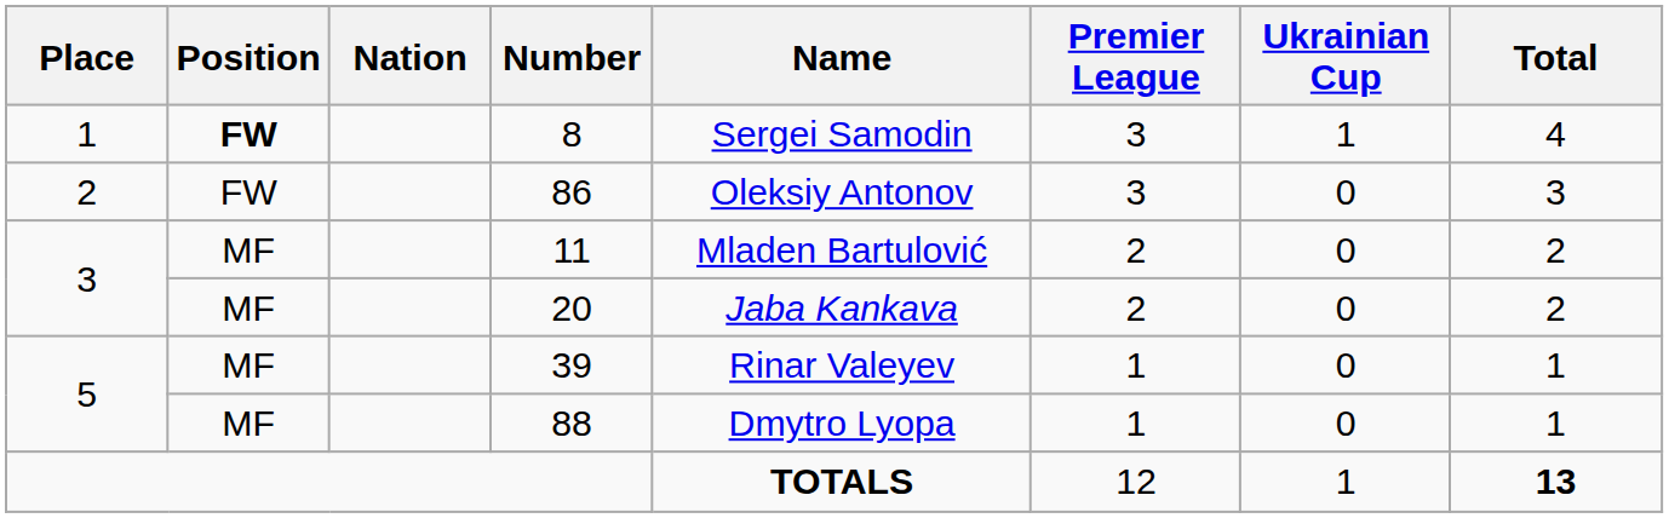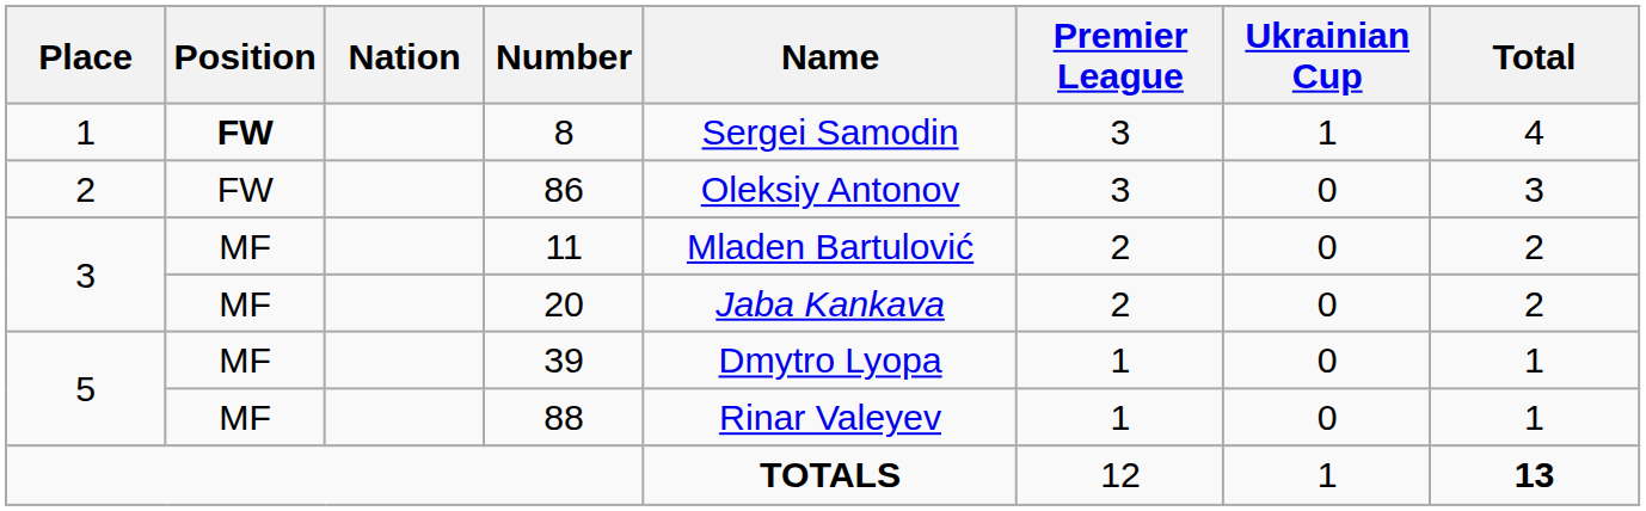 <table class="wikitable" style="font-size: 95%; text-align: center;">
 <tr>
 <th width=60>Place</th>
 <th width=60>Position</th>
 <th width=60>Nation</th>
 <th width=60>Number</th>
 <th width=150>Name</th>
 <th width=80><a href='#'>Premier League</a></th>
 <th width=80><a href='#'>Ukrainian Cup</a></th>
 <th width=80><strong>Total</strong></th>
 </tr>
 <tr>
 <td>1</td>
 <td><strong>FW</strong></td>
 <td></td>
 <td>8</td>
 <td><a href='#'>Sergei Samodin</a></td>
 <td>3</td>
 <td>1</td>
 <td>4</td>
 </tr>
 <tr>
 <td>2</td>
 <td>FW</td>
 <td></td>
 <td>86</td>
 <td><a href='#'>Oleksiy Antonov</a></td>
 <td>3</td>
 <td>0</td>
 <td>3</td>
 </tr>
 <tr>
 <td rowspan="2">3</td>
 <td>MF</td>
 <td></td>
 <td>11</td>
 <td><a href='#'>Mladen Bartulović</a></td>
 <td>2</td>
 <td>0</td>
 <td>2</td>
 </tr>
 <tr>
 <td>MF</td>
 <td></td>
 <td>20</td>
 <td><em><a href='#'>Jaba Kankava</a></em></td>
 <td>2</td>
 <td>0</td>
 <td>2</td>
 </tr>
 <tr>
 <td rowspan="2">5</td>
 <td>MF</td>
 <td></td>
 <td>39</td>
-<td><a href='#'>Rinar Valeyev</a></td>
+<td><a href='#'>Dmytro Lyopa</a></td>
 <td>1</td>
 <td>0</td>
 <td>1</td>
 </tr>
 <tr>
 <td>MF</td>
 <td></td>
 <td>88</td>
-<td><a href='#'>Dmytro Lyopa</a></td>
+<td><a href='#'>Rinar Valeyev</a></td>
 <td>1</td>
 <td>0</td>
 <td>1</td>
 </tr>
 <tr>
 <td colspan="4"></td>
 <td><strong>TOTALS</strong></td>
 <td>12</td>
 <td>1</td>
 <td><strong>13</strong></td>
 </tr>
 </table>
